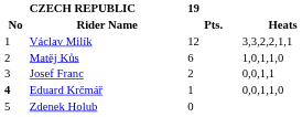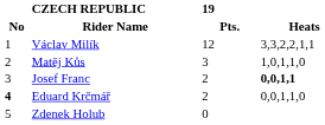 <table class="toccolours">
 <tr>
 <td></td>
 <td><strong>CZECH REPUBLIC</strong></td>
 <td><strong>19</strong></td>
 </tr>
 <tr style="background-color:">
 <th width=30px>No</th>
 <th width=210px>Rider Name</th>
 <th width=70px>Pts.</th>
 <th width=110px>Heats</th>
 </tr>
 <tr style="background-color:">
 <td>1</td>
 <td><a href='#'>Václav Milík</a></td>
 <td>12</td>
 <td>3,3,2,2,1,1</td>
 </tr>
 <tr style="background-color:">
 <td>2</td>
 <td><a href='#'>Matěj Kůs</a></td>
-<td>6</td>
+<td>3</td>
 <td>1,0,1,1,0</td>
 </tr>
 <tr style="background-color:">
 <td>3</td>
 <td><a href='#'>Josef Franc</a></td>
 <td>2</td>
-<td>0,0,1,1</td>
+<td><strong>0,0,1,1</strong></td>
 </tr>
 <tr style="background-color:">
 <td><strong>4</strong></td>
 <td><a href='#'>Eduard Krčmář</a></td>
-<td>1</td>
+<td>2</td>
 <td>0,0,1,1,0</td>
 </tr>
 <tr style="background-color:">
 <td>5</td>
 <td><a href='#'>Zdenek Holub</a></td>
 <td>0</td>
 <td></td>
 </tr>
 </table>
